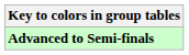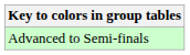 <table class="wikitable">
 <tr>
 <th>Key to colors in group tables</th>
 </tr>
 <tr style="background:#cfc;">
-<td><strong>Advanced to Semi-finals</strong></td>
+<td>Advanced to Semi-finals</td>
 </tr>
 </table>
